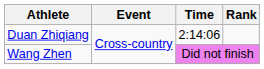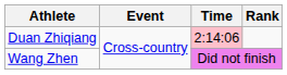 <table class=wikitable style="font-size:90%">
 <tr>
 <th>Athlete</th>
 <th>Event</th>
 <th>Time</th>
 <th>Rank</th>
 </tr>
 <tr>
 <td><a href='#'>Duan Zhiqiang</a></td>
 <td rowspan=2><a href='#'>Cross-country</a></td>
-<td align=center>2:14:06</td>
+<td align=center style="background: pink;">2:14:06</td>
 <td align=center></td>
 </tr>
 <tr>
 <td><a href='#'>Wang Zhen</a></td>
 <td colspan="2"  style="text-align:center; background:violet;">Did not finish</td>
 </tr>
 </table>
